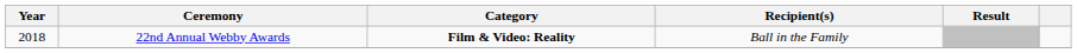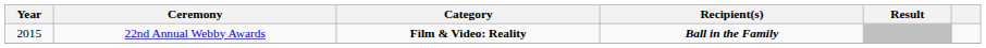 <table class="wikitable sortable plainrowheaders" style="width:100%;">
 <tr>
 <th scope="col" width="5%">Year</th>
 <th scope="col" width="29%">Ceremony</th>
 <th scope="col" width="27%">Category</th>
 <th scope="col" width="27%">Recipient(s)</th>
 <th scope="col" width="9%">Result</th>
 <th scope="col" width="3%" class="unsortable"></th>
 </tr>
 <tr>
-<td align="center">2018</td>
+<td align="center">2015</td>
 <td align="center"><a href='#'>22nd Annual Webby Awards</a></td>
 <td align="center"><strong>Film & Video: Reality</strong></td>
-<td align="center"><em>Ball in the Family</em></td>
+<td align="center"><strong><em>Ball in the Family</em></strong></td>
 <td align="center" bgcolor="#C0C0C0"></td>
 <td align="center"></td>
 </tr>
 <tr>
 </tr>
 </table>
